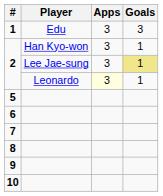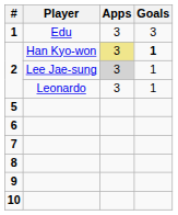 <table class="wikitable sortable" style="text-align:center">
 <tr>
 <th>#</th>
 <th>Player</th>
 <th>Apps</th>
 <th>Goals</th>
 </tr>
 <tr>
 <td><strong>1</strong></td>
 <td><a href='#'>Edu</a></td>
 <td>3</td>
 <td>3</td>
 </tr>
 <tr>
 <td rowspan="3"><strong>2</strong></td>
 <td><a href='#'>Han Kyo-won</a></td>
-<td>3</td>
+<td style="background: khaki;">3</td>
+<td><strong>1</strong></td>
+</tr>
+<tr>
+<td><a href='#'>Lee Jae-sung</a></td>
+<td style="background: lightgrey;">3</td>
 <td>1</td>
 </tr>
 <tr>
-<td><a href='#'>Lee Jae-sung</a></td>
+<td><a href='#'>Leonardo</a></td>
 <td>3</td>
-<td style="background: khaki;">1</td>
-</tr>
-<tr>
-<td><a href='#'>Leonardo</a></td>
-<td style="background: lightyellow;">3</td>
 <td>1</td>
 </tr>
 <tr>
 <td><strong>5</strong></td>
 <td></td>
 <td></td>
 <td></td>
 </tr>
 <tr>
 <td><strong>6</strong></td>
 <td></td>
 <td></td>
 <td></td>
 </tr>
 <tr>
 <td><strong>7</strong></td>
 <td></td>
 <td></td>
 <td></td>
 </tr>
 <tr>
 <td><strong>8</strong></td>
 <td></td>
 <td></td>
 <td></td>
 </tr>
 <tr>
 <td><strong>9</strong></td>
 <td></td>
 <td></td>
 <td></td>
 </tr>
 <tr>
 <td><strong>10</strong></td>
 <td></td>
 <td></td>
 <td></td>
 </tr>
 </table>
